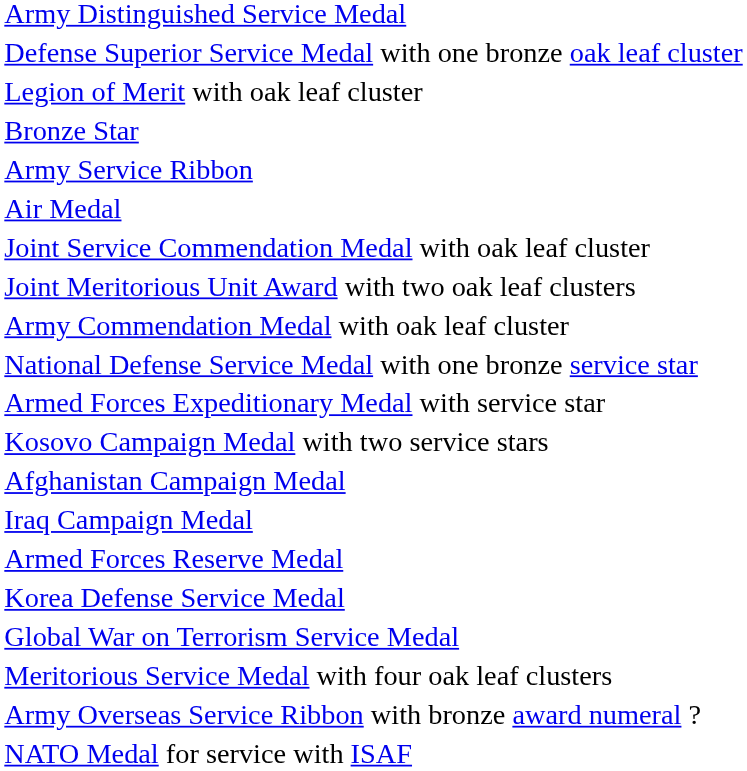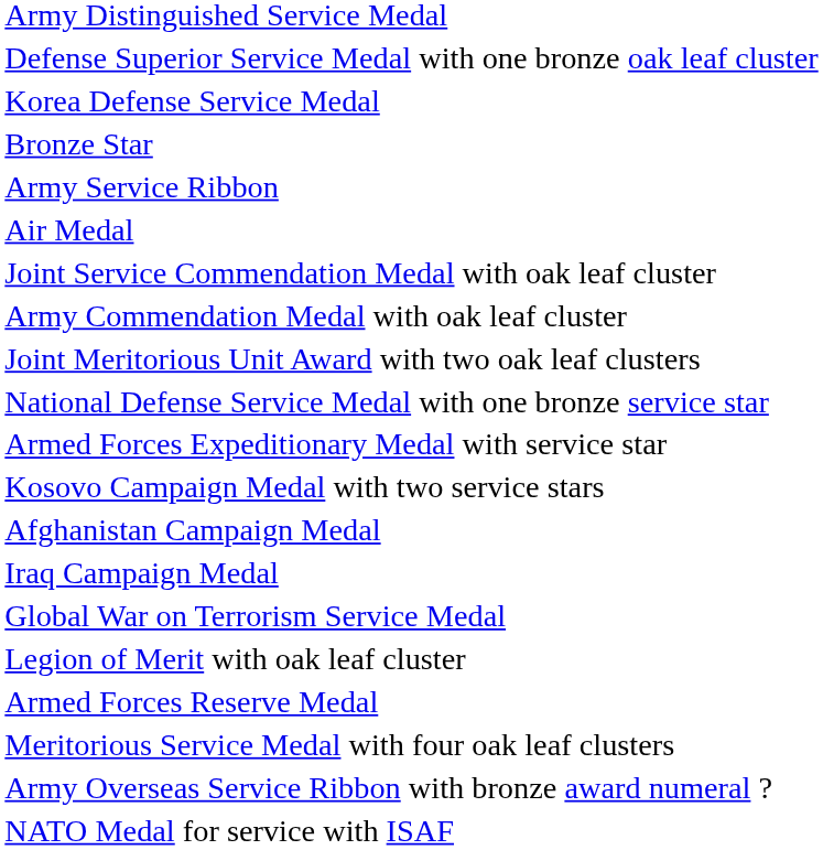 <table>
 <tr>
 <td> <a href='#'>Army Distinguished Service Medal</a></td>
 </tr>
 <tr>
 <td> <a href='#'>Defense Superior Service Medal</a> with one bronze <a href='#'>oak leaf cluster</a></td>
 </tr>
 <tr>
-<td> <a href='#'>Legion of Merit</a> with oak leaf cluster</td>
+<td> <a href='#'>Korea Defense Service Medal</a></td>
 </tr>
 <tr>
 <td> <a href='#'>Bronze Star</a></td>
 </tr>
 <tr>
 <td> <a href='#'>Army Service Ribbon</a></td>
 </tr>
 <tr>
 <td> <a href='#'>Air Medal</a></td>
 </tr>
 <tr>
 <td> <a href='#'>Joint Service Commendation Medal</a> with oak leaf cluster</td>
 </tr>
 <tr>
-<td> <a href='#'>Joint Meritorious Unit Award</a> with two oak leaf clusters</td>
+<td> <a href='#'>Army Commendation Medal</a> with oak leaf cluster</td>
 </tr>
 <tr>
-<td> <a href='#'>Army Commendation Medal</a> with oak leaf cluster</td>
+<td> <a href='#'>Joint Meritorious Unit Award</a> with two oak leaf clusters</td>
 </tr>
 <tr>
 <td> <a href='#'>National Defense Service Medal</a> with one bronze <a href='#'>service star</a></td>
 </tr>
 <tr>
 <td> <a href='#'>Armed Forces Expeditionary Medal</a> with service star</td>
 </tr>
 <tr>
 <td> <a href='#'>Kosovo Campaign Medal</a> with two service stars</td>
 </tr>
 <tr>
 <td> <a href='#'>Afghanistan Campaign Medal</a></td>
 </tr>
 <tr>
 <td> <a href='#'>Iraq Campaign Medal</a></td>
 </tr>
 <tr>
-<td> <a href='#'>Armed Forces Reserve Medal</a></td>
+<td> <a href='#'>Global War on Terrorism Service Medal</a></td>
 </tr>
 <tr>
-<td> <a href='#'>Korea Defense Service Medal</a></td>
+<td> <a href='#'>Legion of Merit</a> with oak leaf cluster</td>
 </tr>
 <tr>
-<td> <a href='#'>Global War on Terrorism Service Medal</a></td>
+<td> <a href='#'>Armed Forces Reserve Medal</a></td>
 </tr>
 <tr>
 <td> <a href='#'>Meritorious Service Medal</a> with four oak leaf clusters</td>
 </tr>
 <tr>
 <td> <a href='#'>Army Overseas Service Ribbon</a> with bronze <a href='#'>award numeral</a> ?</td>
 </tr>
 <tr>
 <td> <a href='#'>NATO Medal</a> for service with <a href='#'>ISAF</a></td>
 </tr>
 </table>
